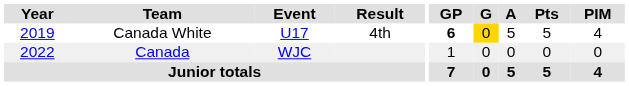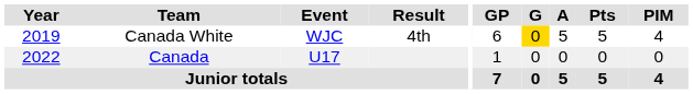 <table border="0" cellpadding="1" cellspacing="0" ID="Table3" style="text-align:center; width:40em">
 <tr ALIGN="center" bgcolor="#e0e0e0">
 <th>Year</th>
 <th>Team</th>
 <th>Event</th>
 <th>Result</th>
 <th rowspan="99" bgcolor="#ffffff"></th>
 <th>GP</th>
 <th>G</th>
 <th>A</th>
 <th>Pts</th>
 <th>PIM</th>
 </tr>
 <tr>
 <td><a href='#'>2019</a></td>
 <td>Canada White</td>
-<td><a href='#'>U17</a></td>
+<td><a href='#'>WJC</a></td>
 <td>4th</td>
-<td><strong>6</strong></td>
+<td>6</td>
 <td style="background: gold;">0</td>
 <td>5</td>
 <td>5</td>
 <td>4</td>
 </tr>
 <tr bgcolor="#f0f0f0">
 <td><a href='#'>2022</a></td>
 <td><a href='#'>Canada</a></td>
-<td><a href='#'>WJC</a></td>
+<td><a href='#'>U17</a></td>
 <td></td>
 <td>1</td>
 <td>0</td>
 <td>0</td>
 <td>0</td>
 <td>0</td>
 </tr>
 <tr ALIGN="center" bgcolor="#e0e0e0">
 <th colspan=4>Junior totals</th>
 <th>7</th>
 <th>0</th>
 <th>5</th>
 <th>5</th>
 <th>4</th>
 </tr>
 </table>
